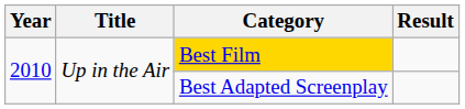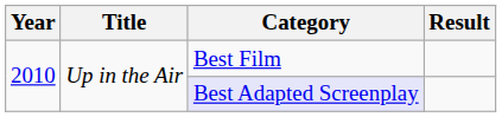 <table class="wikitable">
 <tr>
 <th>Year</th>
 <th>Title</th>
 <th>Category</th>
 <th>Result</th>
 </tr>
 <tr>
 <td rowspan=2><a href='#'>2010</a></td>
 <td rowspan=2><em>Up in the Air</em></td>
-<td style="background: gold;"><a href='#'>Best Film</a></td>
+<td><a href='#'>Best Film</a></td>
 <td></td>
 </tr>
 <tr>
-<td><a href='#'>Best Adapted Screenplay</a></td>
+<td style="background: lavender;"><a href='#'>Best Adapted Screenplay</a></td>
 <td></td>
 </tr>
 </table>
